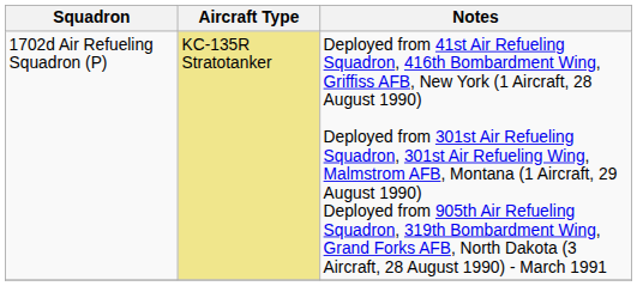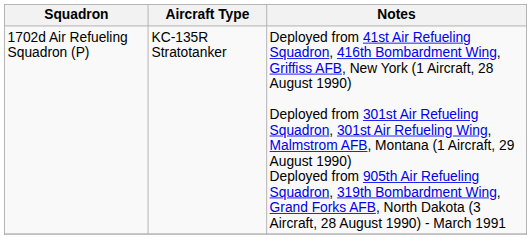 <table class="wikitable">
 <tr>
 <th scope="col" width="250">Squadron</th>
 <th scope="col" width="175">Aircraft Type</th>
 <th scope="col" width="500">Notes</th>
 </tr>
 <tr valign="top">
 <td>1702d Air Refueling Squadron (P)</td>
-<td style="background: khaki;">KC-135R Stratotanker</td>
+<td>KC-135R Stratotanker</td>
 <td>Deployed from <a href='#'>41st Air Refueling Squadron</a>, <a href='#'>416th Bombardment Wing</a>, <a href='#'>Griffiss AFB</a>, New York (1 Aircraft, 28 August 1990)<br><br>Deployed from <a href='#'>301st Air Refueling Squadron</a>, <a href='#'>301st Air Refueling Wing</a>, <a href='#'>Malmstrom AFB</a>, Montana (1 Aircraft, 29 August 1990)<br> Deployed from <a href='#'>905th Air Refueling Squadron</a>, <a href='#'>319th Bombardment Wing</a>, <a href='#'>Grand Forks AFB</a>, North Dakota (3 Aircraft, 28 August 1990) - March 1991</td>
 </tr>
 <tr>
 </tr>
 <tr>
 </tr>
 </table>
